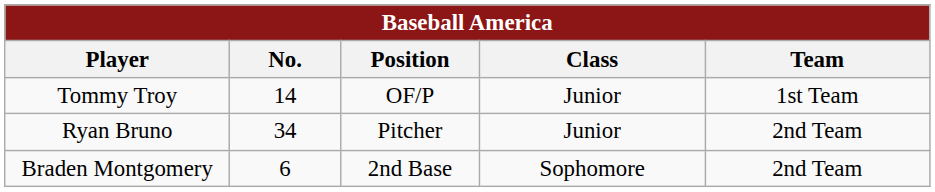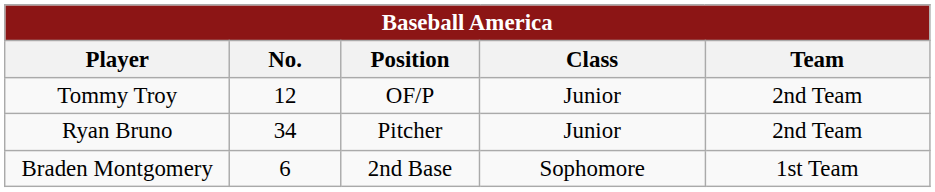 <table class="wikitable" style="text-align:center">
 <tr>
 <td colspan="5" style= "background: #8C1515; color:white"><strong>Baseball America</strong></td>
 </tr>
 <tr>
 <th style="width:150px; ">Player</th>
 <th style="width:70px; ">No.</th>
 <th style="width:90px; ">Position</th>
 <th style="width:150px; ">Class</th>
 <th style="width:150px; ">Team</th>
 </tr>
 <tr>
 <td>Tommy Troy</td>
-<td>14</td>
+<td>12</td>
 <td>OF/P</td>
 <td>Junior</td>
-<td>1st Team</td>
+<td>2nd Team</td>
 </tr>
 <tr>
 <td>Ryan Bruno</td>
 <td>34</td>
 <td>Pitcher</td>
 <td>Junior</td>
 <td>2nd Team</td>
 </tr>
 <tr>
 <td>Braden Montgomery</td>
 <td>6</td>
 <td>2nd Base</td>
 <td>Sophomore</td>
-<td>2nd Team</td>
+<td>1st Team</td>
 </tr>
 </table>
